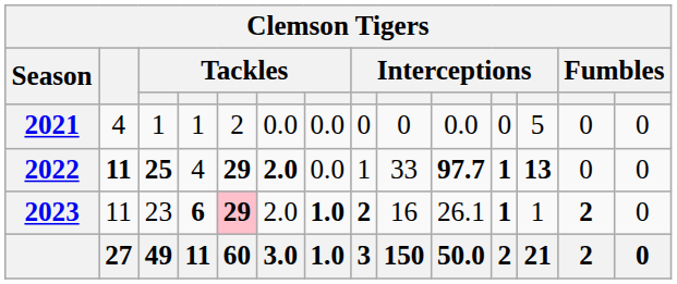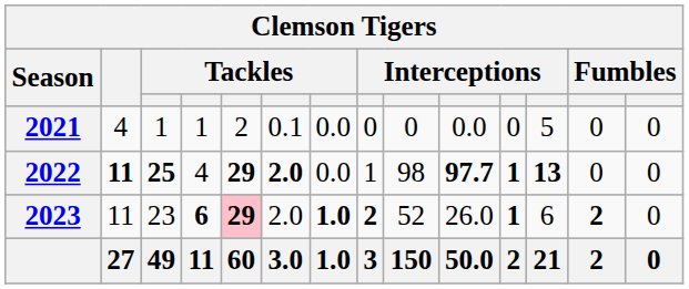 <table class="wikitable sortable" style="text-align:center;">
 <tr>
 <th colspan="15">Clemson Tigers</th>
 </tr>
 <tr>
 <th rowspan="2">Season</th>
 <th rowspan="2"></th>
 <th colspan="5">Tackles</th>
 <th colspan="5">Interceptions</th>
 <th colspan="2">Fumbles</th>
 </tr>
 <tr>
 <th></th>
 <th></th>
 <th></th>
 <th></th>
 <th></th>
 <th></th>
 <th></th>
 <th></th>
 <th></th>
 <th></th>
 <th></th>
 <th></th>
 </tr>
 <tr>
 <th><a href='#'>2021</a></th>
 <td>4</td>
 <td>1</td>
 <td>1</td>
 <td>2</td>
-<td>0.0</td>
+<td>0.1</td>
 <td>0.0</td>
 <td>0</td>
 <td>0</td>
 <td>0.0</td>
 <td>0</td>
 <td>5</td>
 <td>0</td>
 <td>0</td>
 </tr>
 <tr>
 <th><a href='#'>2022</a></th>
 <td><strong>11</strong></td>
 <td><strong>25</strong></td>
 <td>4</td>
 <td><strong>29</strong></td>
 <td><strong>2.0</strong></td>
 <td>0.0</td>
 <td>1</td>
-<td>33</td>
+<td>98</td>
 <td><strong>97.7</strong></td>
 <td><strong>1</strong></td>
 <td><strong>13</strong></td>
 <td>0</td>
 <td>0</td>
 </tr>
 <tr>
 <th><a href='#'>2023</a></th>
 <td>11</td>
 <td>23</td>
 <td><strong>6</strong></td>
 <td style="background: pink;"><strong>29</strong></td>
 <td>2.0</td>
 <td><strong>1.0</strong></td>
 <td><strong>2</strong></td>
-<td>16</td>
-<td>26.1</td>
+<td>52</td>
+<td>26.0</td>
 <td><strong>1</strong></td>
-<td>1</td>
+<td>6</td>
 <td><strong>2</strong></td>
 <td>0</td>
 </tr>
 <tr>
 <th></th>
 <th>27</th>
 <th>49</th>
 <th>11</th>
 <th>60</th>
 <th>3.0</th>
 <th>1.0</th>
 <th>3</th>
 <th>150</th>
 <th>50.0</th>
 <th>2</th>
 <th>21</th>
 <th>2</th>
 <th>0</th>
 </tr>
 </table>
